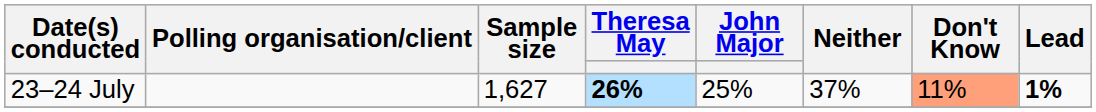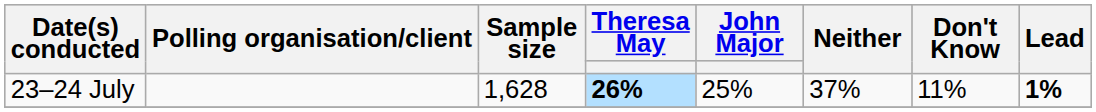 <table class="wikitable collapsible sortable" style="text-align:centre;font-size:100%;line-height:14px">
 <tr valign= center>
 <th style="width:80px;" rowspan="2">Date(s)<br>conducted</th>
 <th style="width:200px;" rowspan="2">Polling organisation/client</th>
 <th style="width:60px;" rowspan="2">Sample size</th>
 <th style="width:60px;" class="unsortable"><a href='#'>Theresa May</a></th>
 <th style="width:60px;" class="unsortable"><a href='#'>John Major</a></th>
 <th style="width:60px;" rowspan="2" class="unsortable">Neither</th>
 <th style="width:60px;" rowspan="2" class="unsortable">Don't <br> Know</th>
 <th class="unsortable" style="width:20px;" rowspan="2">Lead</th>
 </tr>
 <tr>
 <th class="unsortable" style="color:inherit;background:"></th>
 <th class="unsortable" style="color:inherit;background:"></th>
 </tr>
 <tr>
 <td rowspan=1>23–24 July</td>
 <td rowspan=1></td>
-<td rowspan=1>1,627</td>
+<td rowspan=1>1,628</td>
 <td style="background:#B3E0FF"><strong>26%</strong></td>
 <td>25%</td>
 <td>37%</td>
-<td style="background: lightsalmon;">11%</td>
+<td>11%</td>
 <td style="background:"><strong>1%</strong></td>
 </tr>
 <tr>
 </tr>
 </table>
